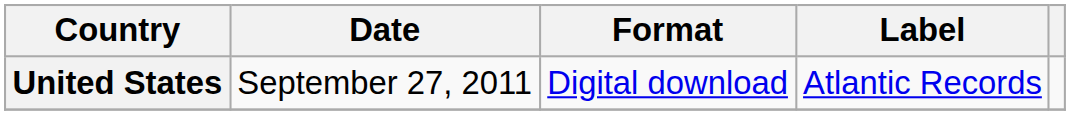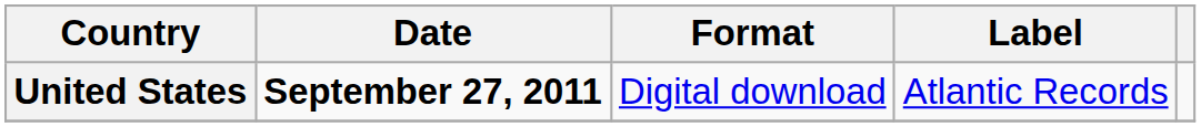 <table class="wikitable plainrowheaders">
 <tr>
 <th>Country</th>
 <th>Date</th>
 <th>Format</th>
 <th>Label</th>
 <th></th>
 </tr>
 <tr>
 <th scope="row">United States</th>
-<td rowspan="1">September 27, 2011</td>
+<td rowspan="1"><strong>September 27, 2011</strong></td>
 <td rowspan="1"><a href='#'>Digital download</a></td>
 <td rowspan="1"><a href='#'>Atlantic Records</a></td>
 <td></td>
 </tr>
 <tr>
 </tr>
 </table>
